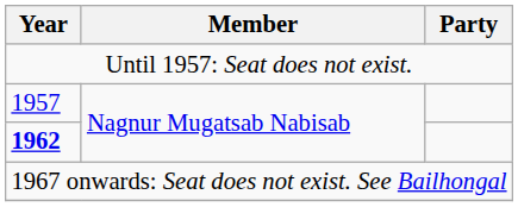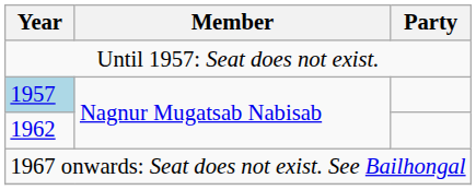 <table class="wikitable sortable">
 <tr>
 <th>Year</th>
 <th>Member</th>
 <th colspan="2">Party</th>
 </tr>
 <tr>
 <td colspan=4 align=center>Until 1957: <em>Seat does not exist.</em></td>
 </tr>
 <tr>
-<td><a href='#'>1957</a></td>
+<td style="background: lightblue;"><a href='#'>1957</a></td>
 <td rowspan=2><a href='#'>Nagnur Mugatsab Nabisab</a></td>
 <td></td>
 </tr>
 <tr>
-<td><strong><a href='#'>1962</a></strong></td>
+<td><a href='#'>1962</a></td>
 </tr>
 <tr>
 <td colspan=4 align=center>1967 onwards: <em>Seat does not exist. See <a href='#'>Bailhongal</a></em></td>
 </tr>
 <tr>
 </tr>
 </table>
